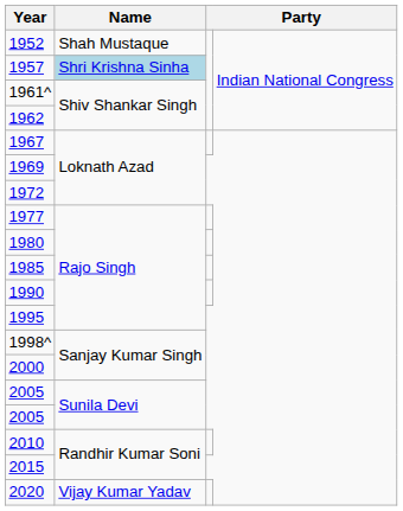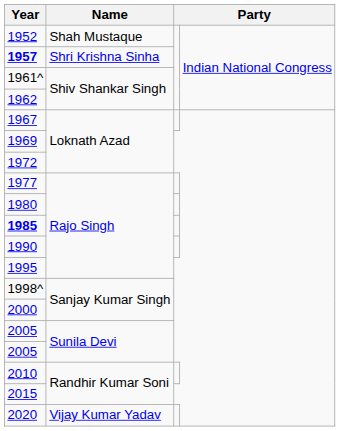 <table class="wikitable sortable" style="font-size: x-big; font-family: arial">
 <tr>
 <th>Year</th>
 <th>Name</th>
 <th colspan="2">Party</th>
 </tr>
 <tr>
 <td><a href='#'>1952</a></td>
 <td>Shah Mustaque</td>
 <td rowspan="4" style="background-color:"></td>
 <td rowspan="4"><a href='#'>Indian National Congress</a></td>
 </tr>
 <tr>
-<td><a href='#'>1957</a></td>
-<td style="background: lightblue;"><a href='#'>Shri Krishna Sinha</a></td>
+<td><strong><a href='#'>1957</a></strong></td>
+<td><a href='#'>Shri Krishna Sinha</a></td>
 </tr>
 <tr>
 <td>1961^</td>
 <td rowspan="2">Shiv Shankar Singh</td>
 </tr>
 <tr>
 <td><a href='#'>1962</a></td>
 </tr>
 <tr>
 <td><a href='#'>1967</a></td>
 <td rowspan="3">Loknath Azad</td>
 <td></td>
 </tr>
 <tr>
 <td><a href='#'>1969</a></td>
 </tr>
 <tr>
 <td><a href='#'>1972</a></td>
 </tr>
 <tr>
 <td><a href='#'>1977</a></td>
 <td rowspan="5"><a href='#'>Rajo Singh</a></td>
 <td></td>
 </tr>
 <tr>
 <td><a href='#'>1980</a></td>
 <td></td>
 </tr>
 <tr>
-<td><a href='#'>1985</a></td>
+<td><strong><a href='#'>1985</a></strong></td>
 <td></td>
 </tr>
 <tr>
 <td><a href='#'>1990</a></td>
 <td></td>
 </tr>
 <tr>
 <td><a href='#'>1995</a></td>
 </tr>
 <tr>
 <td>1998^</td>
 <td rowspan="2">Sanjay Kumar Singh</td>
 </tr>
 <tr>
 <td><a href='#'>2000</a></td>
 </tr>
 <tr>
 <td><a href='#'>2005</a></td>
 <td rowspan="2"><a href='#'>Sunila Devi</a></td>
 </tr>
 <tr>
 <td><a href='#'>2005</a></td>
 </tr>
 <tr>
 <td><a href='#'>2010</a></td>
 <td rowspan="2">Randhir Kumar  Soni</td>
 <td></td>
 </tr>
 <tr>
 <td><a href='#'>2015</a></td>
 </tr>
 <tr>
 <td><a href='#'>2020</a></td>
 <td><a href='#'>Vijay Kumar Yadav</a></td>
 <td></td>
 </tr>
 </table>
